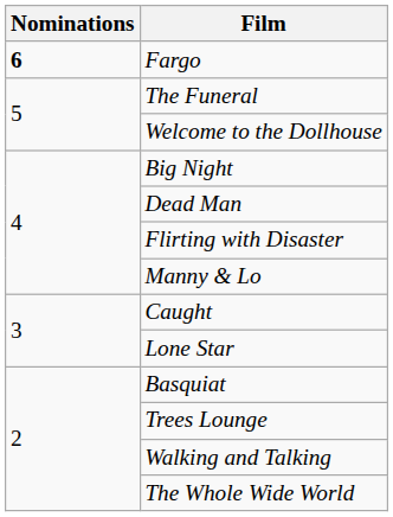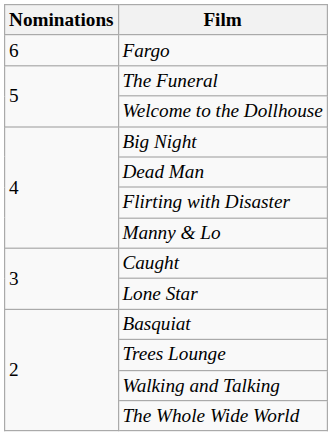 <table class="wikitable">
 <tr>
 <th>Nominations</th>
 <th>Film</th>
 </tr>
 <tr>
-<td><strong>6</strong></td>
+<td>6</td>
 <td><em>Fargo</em></td>
 </tr>
 <tr>
 <td rowspan="2">5</td>
 <td><em>The Funeral</em></td>
 </tr>
 <tr>
 <td><em>Welcome to the Dollhouse</em></td>
 </tr>
 <tr>
 <td rowspan="4">4</td>
 <td><em>Big Night</em></td>
 </tr>
 <tr>
 <td><em>Dead Man</em></td>
 </tr>
 <tr>
 <td><em>Flirting with Disaster</em></td>
 </tr>
 <tr>
 <td><em>Manny & Lo</em></td>
 </tr>
 <tr>
 <td rowspan ="2">3</td>
 <td><em>Caught</em></td>
 </tr>
 <tr>
 <td><em>Lone Star</em></td>
 </tr>
 <tr>
 <td rowspan="4">2</td>
 <td><em>Basquiat</em></td>
 </tr>
 <tr>
 <td><em>Trees Lounge</em></td>
 </tr>
 <tr>
 <td><em>Walking and Talking</em></td>
 </tr>
 <tr>
 <td><em>The Whole Wide World</em></td>
 </tr>
 </table>
